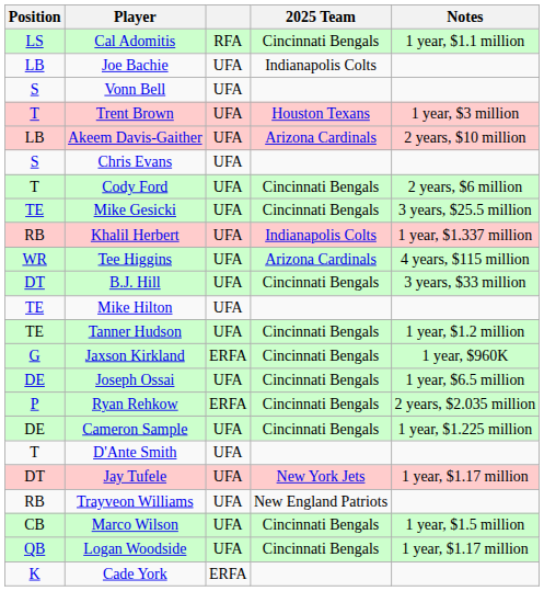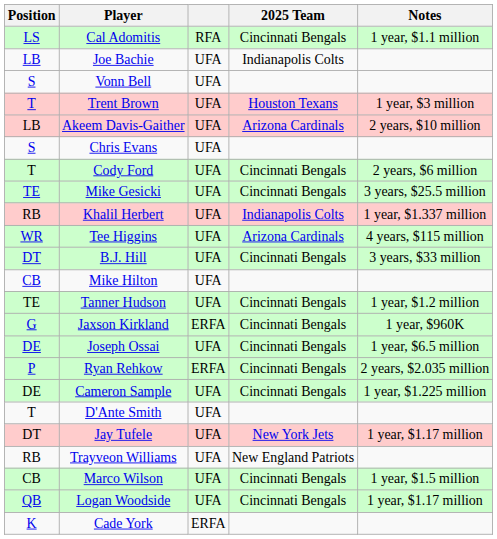 <table class="wikitable" style="text-align:center">
 <tr>
 <th>Position</th>
 <th>Player</th>
 <th></th>
 <th>2025 Team</th>
 <th>Notes</th>
 </tr>
 <tr style="background:#cfc">
 <td><a href='#'>LS</a></td>
 <td><a href='#'>Cal Adomitis</a></td>
 <td>RFA</td>
 <td>Cincinnati Bengals</td>
 <td>1 year, $1.1 million</td>
 </tr>
 <tr>
 <td><a href='#'>LB</a></td>
 <td><a href='#'>Joe Bachie</a></td>
 <td>UFA</td>
 <td>Indianapolis Colts</td>
 <td></td>
 </tr>
 <tr>
 <td><a href='#'>S</a></td>
 <td><a href='#'>Vonn Bell</a></td>
 <td>UFA</td>
 <td></td>
 <td></td>
 </tr>
 <tr style="background:#fcc;">
 <td><a href='#'>T</a></td>
 <td><a href='#'>Trent Brown</a></td>
 <td>UFA</td>
 <td><a href='#'>Houston Texans</a></td>
 <td>1 year, $3 million</td>
 </tr>
 <tr style="background:#fcc;">
 <td>LB</td>
 <td><a href='#'>Akeem Davis-Gaither</a></td>
 <td>UFA</td>
 <td><a href='#'>Arizona Cardinals</a></td>
 <td>2 years, $10 million</td>
 </tr>
 <tr>
 <td><a href='#'>S</a></td>
 <td><a href='#'>Chris Evans</a></td>
 <td>UFA</td>
 <td></td>
 <td></td>
 </tr>
 <tr style="background:#cfc">
 <td>T</td>
 <td><a href='#'>Cody Ford</a></td>
 <td>UFA</td>
 <td>Cincinnati Bengals</td>
 <td>2 years, $6 million</td>
 </tr>
 <tr style="background:#cfc">
 <td><a href='#'>TE</a></td>
 <td><a href='#'>Mike Gesicki</a></td>
 <td>UFA</td>
 <td>Cincinnati Bengals</td>
 <td>3 years, $25.5 million</td>
 </tr>
 <tr style="background:#fcc;">
 <td>RB</td>
 <td><a href='#'>Khalil Herbert</a></td>
 <td>UFA</td>
 <td><a href='#'>Indianapolis Colts</a></td>
 <td>1 year, $1.337 million</td>
 </tr>
 <tr style="background:#cfc">
 <td><a href='#'>WR</a></td>
 <td><a href='#'>Tee Higgins</a></td>
 <td>UFA</td>
 <td><a href='#'>Arizona Cardinals</a></td>
 <td>4 years, $115 million</td>
 </tr>
 <tr style="background:#cfc">
 <td><a href='#'>DT</a></td>
 <td><a href='#'>B.J. Hill</a></td>
 <td>UFA</td>
 <td>Cincinnati Bengals</td>
 <td>3 years, $33 million</td>
 </tr>
 <tr>
-<td><a href='#'>TE</a></td>
+<td><a href='#'>CB</a></td>
 <td><a href='#'>Mike Hilton</a></td>
 <td>UFA</td>
 <td></td>
 <td></td>
 </tr>
 <tr style="background:#cfc">
 <td>TE</td>
 <td><a href='#'>Tanner Hudson</a></td>
 <td>UFA</td>
 <td>Cincinnati Bengals</td>
 <td>1 year, $1.2 million</td>
 </tr>
 <tr style="background:#cfc">
 <td><a href='#'>G</a></td>
 <td><a href='#'>Jaxson Kirkland</a></td>
 <td>ERFA</td>
 <td>Cincinnati Bengals</td>
 <td>1 year, $960K</td>
 </tr>
 <tr style="background:#cfc">
 <td><a href='#'>DE</a></td>
 <td><a href='#'>Joseph Ossai</a></td>
 <td>UFA</td>
 <td>Cincinnati Bengals</td>
 <td>1 year, $6.5 million</td>
 </tr>
 <tr style="background:#cfc">
 <td><a href='#'>P</a></td>
 <td><a href='#'>Ryan Rehkow</a></td>
 <td>ERFA</td>
 <td>Cincinnati Bengals</td>
 <td>2 years, $2.035 million</td>
 </tr>
 <tr style="background:#cfc">
 <td>DE</td>
 <td><a href='#'>Cameron Sample</a></td>
 <td>UFA</td>
 <td>Cincinnati Bengals</td>
 <td>1 year, $1.225 million</td>
 </tr>
 <tr>
 <td>T</td>
 <td><a href='#'>D'Ante Smith</a></td>
 <td>UFA</td>
 <td></td>
 <td></td>
 </tr>
 <tr style="background:#fcc;">
 <td>DT</td>
 <td><a href='#'>Jay Tufele</a></td>
 <td>UFA</td>
 <td><a href='#'>New York Jets</a></td>
 <td>1 year, $1.17 million</td>
 </tr>
 <tr>
 <td>RB</td>
 <td><a href='#'>Trayveon Williams</a></td>
 <td>UFA</td>
 <td>New England Patriots</td>
 <td></td>
 </tr>
 <tr style="background:#cfc">
 <td>CB</td>
 <td><a href='#'>Marco Wilson</a></td>
 <td>UFA</td>
 <td>Cincinnati Bengals</td>
 <td>1 year, $1.5 million</td>
 </tr>
 <tr style="background:#cfc">
 <td><a href='#'>QB</a></td>
 <td><a href='#'>Logan Woodside</a></td>
 <td>UFA</td>
 <td>Cincinnati Bengals</td>
 <td>1 year, $1.17 million</td>
 </tr>
 <tr>
 <td><a href='#'>K</a></td>
 <td><a href='#'>Cade York</a></td>
 <td>ERFA</td>
 <td></td>
 <td></td>
 </tr>
 </table>
